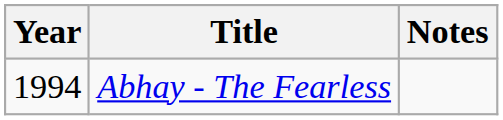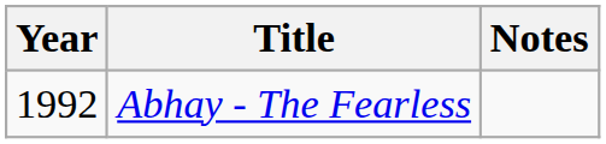 <table class="wikitable sortable">
 <tr>
 <th>Year</th>
 <th>Title</th>
 <th>Notes</th>
 </tr>
 <tr>
-<td>1994</td>
+<td>1992</td>
 <td><em><a href='#'>Abhay - The Fearless</a></em></td>
 <td></td>
 </tr>
 </table>
